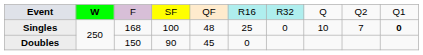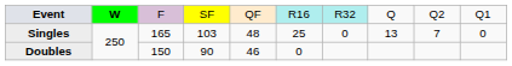 <table class="wikitable nowrap" style=font-size:90%;text-align:center>
 <tr>
 <td style="width:100px; background:#dfe2e9;"><strong>Event</strong></td>
 <td style="width:50px; background:lime;"><strong>W</strong></td>
 <td style="width:50px; background:thistle;">F</td>
 <td style="width:50px; background:#ff0;">SF</td>
 <td style="width:50px; background:#ffebcd;">QF</td>
 <td style="width:50px; background:#afeeee;">R16</td>
 <td style="width:50px; background:#afeeee;">R32</td>
 <td style="width:50px">Q</td>
 <td style="width:50px">Q2</td>
 <td style="width:50px">Q1</td>
 </tr>
 <tr>
 <th style="background:#ededed;">Singles</th>
 <td rowspan=2>250</td>
-<td>168</td>
-<td>100</td>
+<td>165</td>
+<td>103</td>
 <td>48</td>
 <td>25</td>
 <td>0</td>
-<td>10</td>
+<td>13</td>
 <td>7</td>
-<td><strong>0</strong></td>
+<td>0</td>
 </tr>
 <tr>
 <th style="background:#ededed;">Doubles</th>
 <td>150</td>
 <td>90</td>
-<td>45</td>
+<td>46</td>
 <td>0</td>
 <td></td>
 <td></td>
 <td></td>
 <td></td>
 </tr>
 </table>
